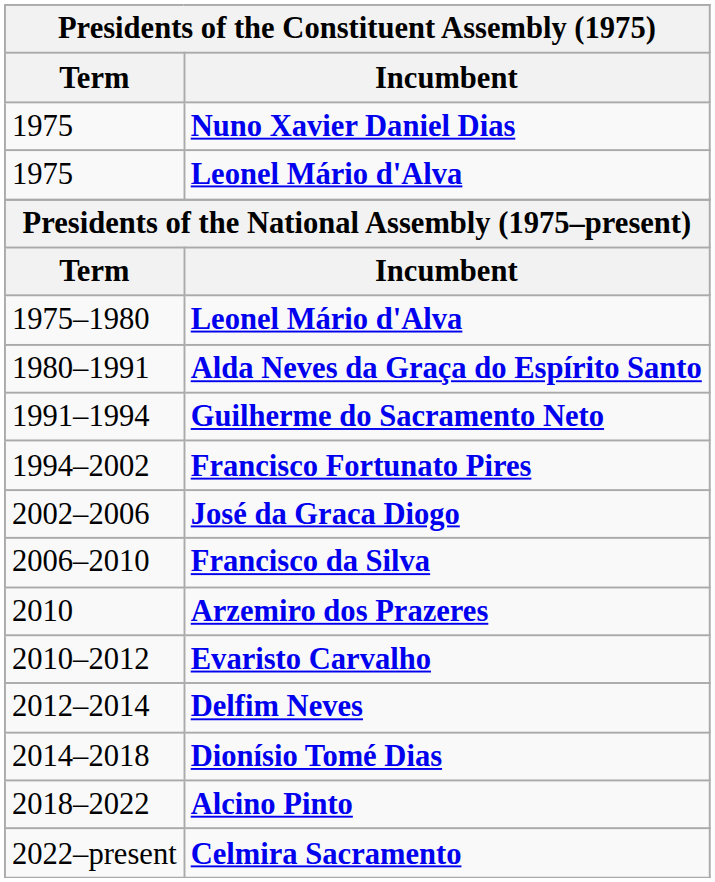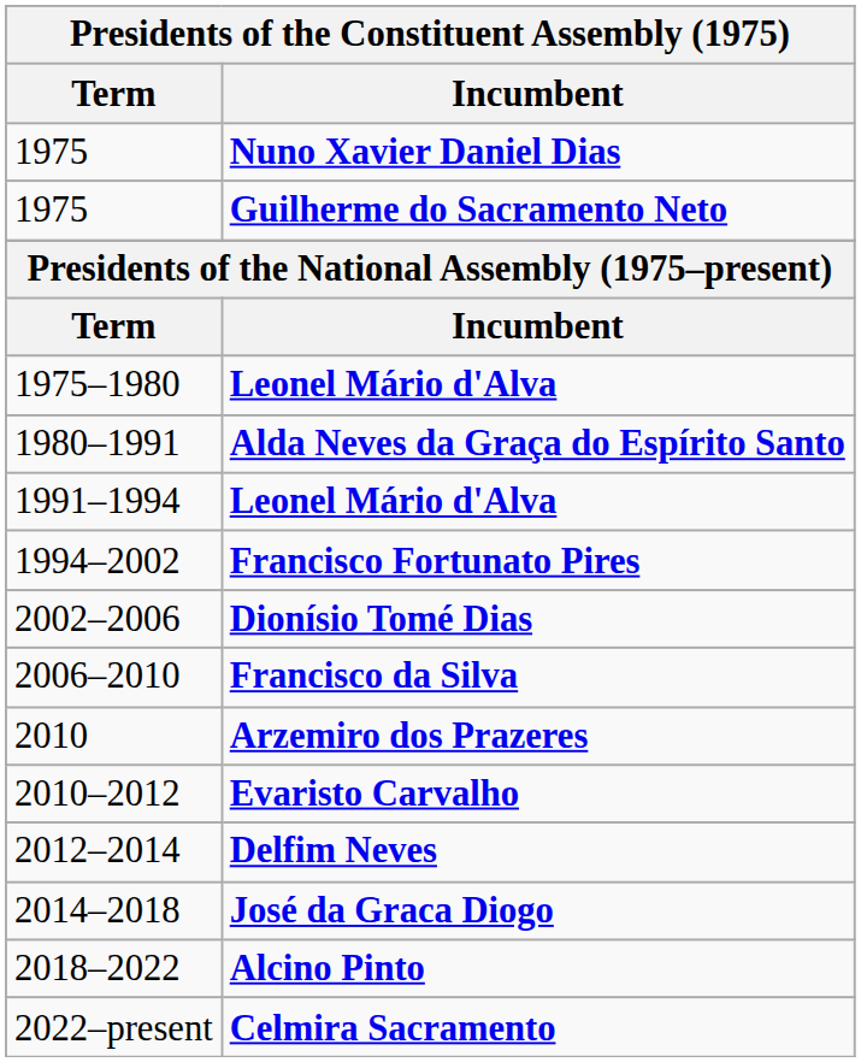 <table class="wikitable">
 <tr>
 <th align="center" scope="col" colspan=2>Presidents of the Constituent Assembly (1975)</th>
 </tr>
 <tr>
 <th align="left" scope="col">Term</th>
 <th align="left" scope="col">Incumbent</th>
 </tr>
 <tr>
 <td align="left">1975</td>
 <td align="left"><strong><a href='#'>Nuno Xavier Daniel Dias</a></strong></td>
 </tr>
 <tr>
 <td align="left">1975</td>
-<td align="left"><strong><a href='#'>Leonel Mário d'Alva</a></strong></td>
+<td align="left"><strong><a href='#'>Guilherme do Sacramento Neto</a></strong></td>
 </tr>
 <tr>
 </tr>
 <tr bgcolor=#ebebeb>
 <th align="center" scope="col" colspan=2>Presidents of the National Assembly (1975–present)</th>
 </tr>
 <tr>
 <th align="left" scope="col">Term</th>
 <th align="left" scope="col">Incumbent</th>
 </tr>
 <tr>
 <td align="left">1975–1980</td>
 <td align="left"><strong><a href='#'>Leonel Mário d'Alva</a></strong></td>
 </tr>
 <tr>
 <td align="left">1980–1991</td>
 <td align="left"><strong><a href='#'>Alda Neves da Graça do Espírito Santo</a></strong></td>
 </tr>
 <tr>
 <td align="left">1991–1994</td>
-<td align="left"><strong><a href='#'>Guilherme do Sacramento Neto</a></strong></td>
+<td align="left"><strong><a href='#'>Leonel Mário d'Alva</a></strong></td>
 </tr>
 <tr>
 <td align="left">1994–2002</td>
 <td align="left"><strong><a href='#'>Francisco Fortunato Pires</a></strong></td>
 </tr>
 <tr>
 <td align="left">2002–2006</td>
-<td align="left"><strong><a href='#'>José da Graca Diogo</a></strong></td>
+<td align="left"><strong><a href='#'>Dionísio Tomé Dias</a></strong></td>
 </tr>
 <tr>
 <td align="left">2006–2010</td>
 <td align="left"><strong><a href='#'>Francisco da Silva</a></strong></td>
 </tr>
 <tr>
 <td align="left">2010</td>
 <td align="left"><strong><a href='#'>Arzemiro dos Prazeres</a></strong></td>
 </tr>
 <tr>
 <td align="left">2010–2012</td>
 <td align="left"><strong><a href='#'>Evaristo Carvalho</a></strong></td>
 </tr>
 <tr>
 <td align="left">2012–2014</td>
 <td align="left"><strong><a href='#'>Delfim Neves</a></strong></td>
 </tr>
 <tr>
 <td align="left">2014–2018</td>
-<td align="left"><strong><a href='#'>Dionísio Tomé Dias</a></strong></td>
+<td align="left"><strong><a href='#'>José da Graca Diogo</a></strong></td>
 </tr>
 <tr>
 <td align="left">2018–2022</td>
 <td align="left"><strong><a href='#'>Alcino Pinto</a></strong></td>
 </tr>
 <tr>
 <td align="left">2022–present</td>
 <td align="left"><strong><a href='#'>Celmira Sacramento</a></strong></td>
 </tr>
 <tr>
 </tr>
 </table>
